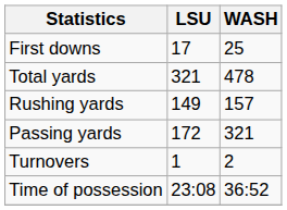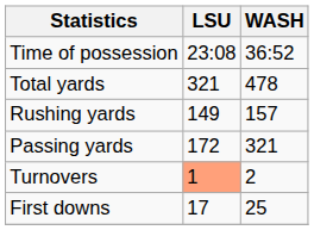 <table class="wikitable" style="float: left;">
 <tr>
 <th>Statistics</th>
 <th>LSU</th>
 <th>WASH</th>
 </tr>
 <tr>
-<td>First downs</td>
-<td>17</td>
-<td>25</td>
+<td>Time of possession</td>
+<td>23:08</td>
+<td>36:52</td>
 </tr>
 <tr>
 <td>Total yards</td>
 <td>321</td>
 <td>478</td>
 </tr>
 <tr>
 <td>Rushing yards</td>
 <td>149</td>
 <td>157</td>
 </tr>
 <tr>
 <td>Passing yards</td>
 <td>172</td>
 <td>321</td>
 </tr>
 <tr>
 <td>Turnovers</td>
-<td>1</td>
+<td style="background: lightsalmon;">1</td>
 <td>2</td>
 </tr>
 <tr>
-<td>Time of possession</td>
-<td>23:08</td>
-<td>36:52</td>
+<td>First downs</td>
+<td>17</td>
+<td>25</td>
 </tr>
 <tr>
 </tr>
 </table>
